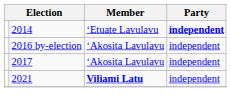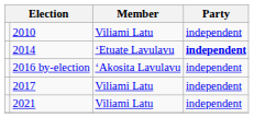 <table class="wikitable">
 <tr>
 <th colspan="2">Election</th>
 <th>Member</th>
 <th>Party</th>
+</tr>
+<tr>
+<td style="background-color: "></td>
+<td><a href='#'>2010</a></td>
+<td><a href='#'>Viliami Latu</a></td>
+<td><a href='#'>independent</a></td>
 </tr>
 <tr>
 <td style="background-color: "></td>
 <td><a href='#'>2014</a></td>
 <td><a href='#'>ʻEtuate Lavulavu</a></td>
 <td><strong><a href='#'>independent</a></strong></td>
 </tr>
 <tr>
 <td style="background-color: "></td>
 <td><a href='#'>2016 by-election</a></td>
 <td><a href='#'>ʻAkosita Lavulavu</a></td>
 <td><a href='#'>independent</a></td>
 </tr>
 <tr>
 <td style="background-color: "></td>
 <td><a href='#'>2017</a></td>
-<td><a href='#'>ʻAkosita Lavulavu</a></td>
+<td><a href='#'>Viliami Latu</a></td>
 <td><a href='#'>independent</a></td>
 </tr>
 <tr>
 <td style="background-color: "></td>
 <td><a href='#'>2021</a></td>
-<td><strong><a href='#'>Viliami Latu</a></strong></td>
+<td><a href='#'>Viliami Latu</a></td>
 <td><a href='#'>independent</a></td>
 </tr>
 <tr>
 </tr>
 </table>
